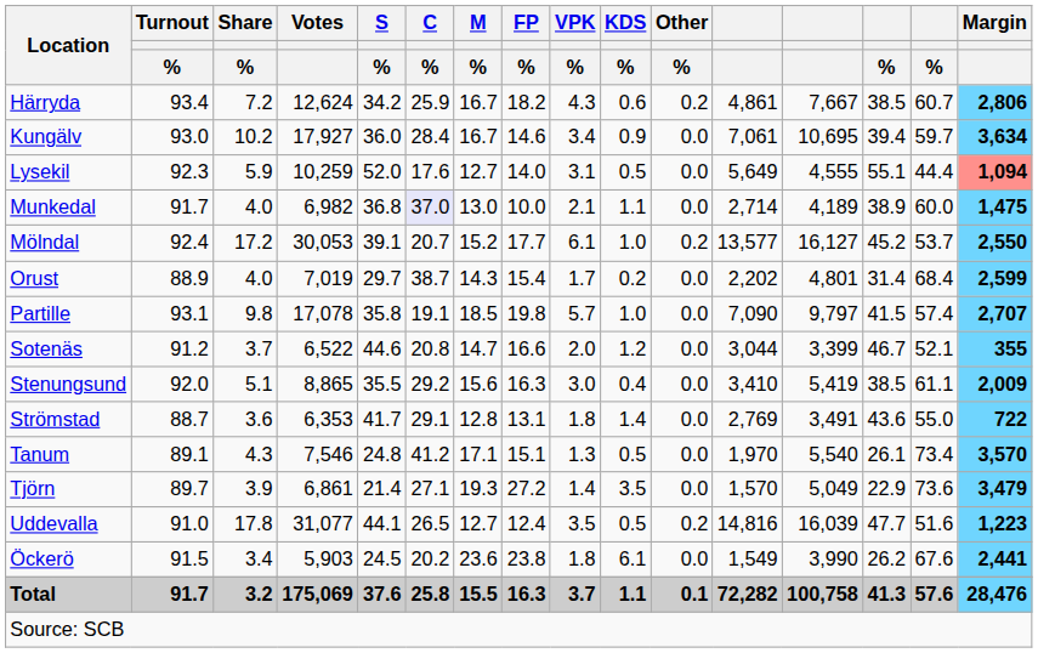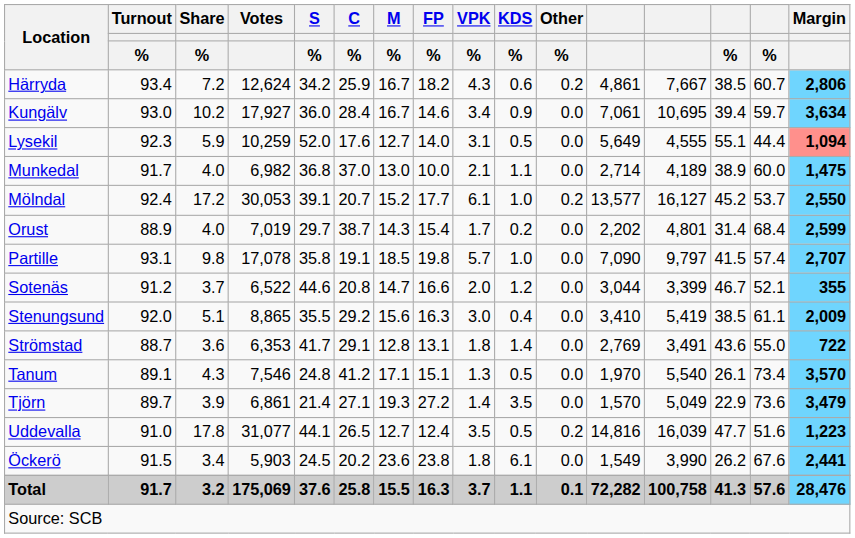 <table class="wikitable sortable" style="text-align:right; font-size:95%; line-height:20px;">
 <tr>
 <th rowspan="3">Location</th>
 <th>Turnout</th>
 <th>Share</th>
 <th>Votes</th>
 <th width="30px" class="unsortable"><a href='#'>S</a></th>
 <th width="30px" class="unsortable"><a href='#'>C</a></th>
 <th width="30px" class="unsortable"><a href='#'>M</a></th>
 <th width="30px" class="unsortable"><a href='#'>FP</a></th>
 <th width="30px" class="unsortable"><a href='#'>VPK</a></th>
 <th width="30px" class="unsortable"><a href='#'>KDS</a></th>
 <th width="30px" class="unsortable">Other</th>
 <th></th>
 <th></th>
 <th></th>
 <th></th>
 <th>Margin</th>
 </tr>
 <tr>
 <th></th>
 <th></th>
 <th></th>
 <th style="background:"></th>
 <th style="background:"></th>
 <th style="background:"></th>
 <th style="background:"></th>
 <th style="background:"></th>
 <th style="background:"></th>
 <th style="background:"></th>
 <th style="background:"></th>
 <th style="background:"></th>
 <th style="background:"></th>
 <th style="background:"></th>
 <th></th>
 </tr>
 <tr>
 <th data-sort-type="number">%</th>
 <th data-sort-type="number">%</th>
 <th></th>
 <th data-sort-type="number">%</th>
 <th data-sort-type="number">%</th>
 <th data-sort-type="number">%</th>
 <th data-sort-type="number">%</th>
 <th data-sort-type="number">%</th>
 <th data-sort-type="number">%</th>
 <th data-sort-type="number">%</th>
 <th data-sort-type="number"></th>
 <th data-sort-type="number"></th>
 <th data-sort-type="number">%</th>
 <th data-sort-type="number">%</th>
 <th data-sort-type="number"></th>
 </tr>
 <tr>
 <td align=left><a href='#'>Härryda</a></td>
 <td>93.4</td>
 <td>7.2</td>
 <td>12,624</td>
 <td>34.2</td>
 <td>25.9</td>
 <td>16.7</td>
 <td>18.2</td>
 <td>4.3</td>
 <td>0.6</td>
 <td>0.2</td>
 <td>4,861</td>
 <td>7,667</td>
 <td>38.5</td>
 <td>60.7</td>
 <td bgcolor=#6fd5fe><strong>2,806</strong></td>
 </tr>
 <tr>
 <td align=left><a href='#'>Kungälv</a></td>
 <td>93.0</td>
 <td>10.2</td>
 <td>17,927</td>
 <td>36.0</td>
 <td>28.4</td>
 <td>16.7</td>
 <td>14.6</td>
 <td>3.4</td>
 <td>0.9</td>
 <td>0.0</td>
 <td>7,061</td>
 <td>10,695</td>
 <td>39.4</td>
 <td>59.7</td>
 <td bgcolor=#6fd5fe><strong>3,634</strong></td>
 </tr>
 <tr>
 <td align=left><a href='#'>Lysekil</a></td>
 <td>92.3</td>
 <td>5.9</td>
 <td>10,259</td>
 <td>52.0</td>
 <td>17.6</td>
 <td>12.7</td>
 <td>14.0</td>
 <td>3.1</td>
 <td>0.5</td>
 <td>0.0</td>
 <td>5,649</td>
 <td>4,555</td>
 <td>55.1</td>
 <td>44.4</td>
 <td bgcolor=#ff908c><strong>1,094</strong></td>
 </tr>
 <tr>
 <td align=left><a href='#'>Munkedal</a></td>
 <td>91.7</td>
 <td>4.0</td>
 <td>6,982</td>
 <td>36.8</td>
-<td style="background: lavender;">37.0</td>
+<td>37.0</td>
 <td>13.0</td>
 <td>10.0</td>
 <td>2.1</td>
 <td>1.1</td>
 <td>0.0</td>
 <td>2,714</td>
 <td>4,189</td>
 <td>38.9</td>
 <td>60.0</td>
 <td bgcolor=#6fd5fe><strong>1,475</strong></td>
 </tr>
 <tr>
 <td align=left><a href='#'>Mölndal</a></td>
 <td>92.4</td>
 <td>17.2</td>
 <td>30,053</td>
 <td>39.1</td>
 <td>20.7</td>
 <td>15.2</td>
 <td>17.7</td>
 <td>6.1</td>
 <td>1.0</td>
 <td>0.2</td>
 <td>13,577</td>
 <td>16,127</td>
 <td>45.2</td>
 <td>53.7</td>
 <td bgcolor=#6fd5fe><strong>2,550</strong></td>
 </tr>
 <tr>
 <td align=left><a href='#'>Orust</a></td>
 <td>88.9</td>
 <td>4.0</td>
 <td>7,019</td>
 <td>29.7</td>
 <td>38.7</td>
 <td>14.3</td>
 <td>15.4</td>
 <td>1.7</td>
 <td>0.2</td>
 <td>0.0</td>
 <td>2,202</td>
 <td>4,801</td>
 <td>31.4</td>
 <td>68.4</td>
 <td bgcolor=#6fd5fe><strong>2,599</strong></td>
 </tr>
 <tr>
 <td align=left><a href='#'>Partille</a></td>
 <td>93.1</td>
 <td>9.8</td>
 <td>17,078</td>
 <td>35.8</td>
 <td>19.1</td>
 <td>18.5</td>
 <td>19.8</td>
 <td>5.7</td>
 <td>1.0</td>
 <td>0.0</td>
 <td>7,090</td>
 <td>9,797</td>
 <td>41.5</td>
 <td>57.4</td>
 <td bgcolor=#6fd5fe><strong>2,707</strong></td>
 </tr>
 <tr>
 <td align=left><a href='#'>Sotenäs</a></td>
 <td>91.2</td>
 <td>3.7</td>
 <td>6,522</td>
 <td>44.6</td>
 <td>20.8</td>
 <td>14.7</td>
 <td>16.6</td>
 <td>2.0</td>
 <td>1.2</td>
 <td>0.0</td>
 <td>3,044</td>
 <td>3,399</td>
 <td>46.7</td>
 <td>52.1</td>
 <td bgcolor=#6fd5fe><strong>355</strong></td>
 </tr>
 <tr>
 <td align=left><a href='#'>Stenungsund</a></td>
 <td>92.0</td>
 <td>5.1</td>
 <td>8,865</td>
 <td>35.5</td>
 <td>29.2</td>
 <td>15.6</td>
 <td>16.3</td>
 <td>3.0</td>
 <td>0.4</td>
 <td>0.0</td>
 <td>3,410</td>
 <td>5,419</td>
 <td>38.5</td>
 <td>61.1</td>
 <td bgcolor=#6fd5fe><strong>2,009</strong></td>
 </tr>
 <tr>
 <td align=left><a href='#'>Strömstad</a></td>
 <td>88.7</td>
 <td>3.6</td>
 <td>6,353</td>
 <td>41.7</td>
 <td>29.1</td>
 <td>12.8</td>
 <td>13.1</td>
 <td>1.8</td>
 <td>1.4</td>
 <td>0.0</td>
 <td>2,769</td>
 <td>3,491</td>
 <td>43.6</td>
 <td>55.0</td>
 <td bgcolor=#6fd5fe><strong>722</strong></td>
 </tr>
 <tr>
 <td align=left><a href='#'>Tanum</a></td>
 <td>89.1</td>
 <td>4.3</td>
 <td>7,546</td>
 <td>24.8</td>
 <td>41.2</td>
 <td>17.1</td>
 <td>15.1</td>
 <td>1.3</td>
 <td>0.5</td>
 <td>0.0</td>
 <td>1,970</td>
 <td>5,540</td>
 <td>26.1</td>
 <td>73.4</td>
 <td bgcolor=#6fd5fe><strong>3,570</strong></td>
 </tr>
 <tr>
 <td align=left><a href='#'>Tjörn</a></td>
 <td>89.7</td>
 <td>3.9</td>
 <td>6,861</td>
 <td>21.4</td>
 <td>27.1</td>
 <td>19.3</td>
 <td>27.2</td>
 <td>1.4</td>
 <td>3.5</td>
 <td>0.0</td>
 <td>1,570</td>
 <td>5,049</td>
 <td>22.9</td>
 <td>73.6</td>
 <td bgcolor=#6fd5fe><strong>3,479</strong></td>
 </tr>
 <tr>
 <td align=left><a href='#'>Uddevalla</a></td>
 <td>91.0</td>
 <td>17.8</td>
 <td>31,077</td>
 <td>44.1</td>
 <td>26.5</td>
 <td>12.7</td>
 <td>12.4</td>
 <td>3.5</td>
 <td>0.5</td>
 <td>0.2</td>
 <td>14,816</td>
 <td>16,039</td>
 <td>47.7</td>
 <td>51.6</td>
 <td bgcolor=#6fd5fe><strong>1,223</strong></td>
 </tr>
 <tr>
 <td align=left><a href='#'>Öckerö</a></td>
 <td>91.5</td>
 <td>3.4</td>
 <td>5,903</td>
 <td>24.5</td>
 <td>20.2</td>
 <td>23.6</td>
 <td>23.8</td>
 <td>1.8</td>
 <td>6.1</td>
 <td>0.0</td>
 <td>1,549</td>
 <td>3,990</td>
 <td>26.2</td>
 <td>67.6</td>
 <td bgcolor=#6fd5fe><strong>2,441</strong></td>
 </tr>
 <tr>
 </tr>
 <tr style="background:#CDCDCD;">
 <td align=left><strong>Total</strong></td>
 <td><strong>91.7</strong></td>
 <td><strong>3.2</strong></td>
 <td><strong>175,069</strong></td>
 <td><strong>37.6</strong></td>
 <td><strong>25.8</strong></td>
 <td><strong>15.5</strong></td>
 <td><strong>16.3</strong></td>
 <td><strong>3.7</strong></td>
 <td><strong>1.1</strong></td>
 <td><strong>0.1</strong></td>
 <td><strong>72,282</strong></td>
 <td><strong>100,758</strong></td>
 <td><strong>41.3</strong></td>
 <td><strong>57.6</strong></td>
 <td bgcolor=#6fd5fe><strong>28,476</strong></td>
 </tr>
 <tr>
 <td align=left colspan=16>Source: SCB </td>
 </tr>
 </table>
